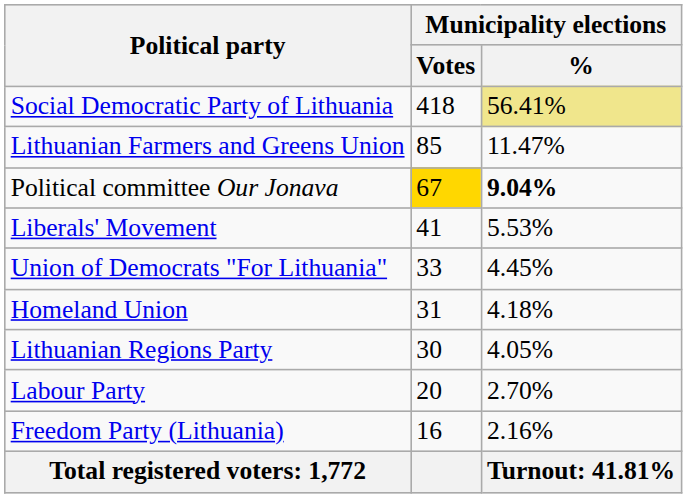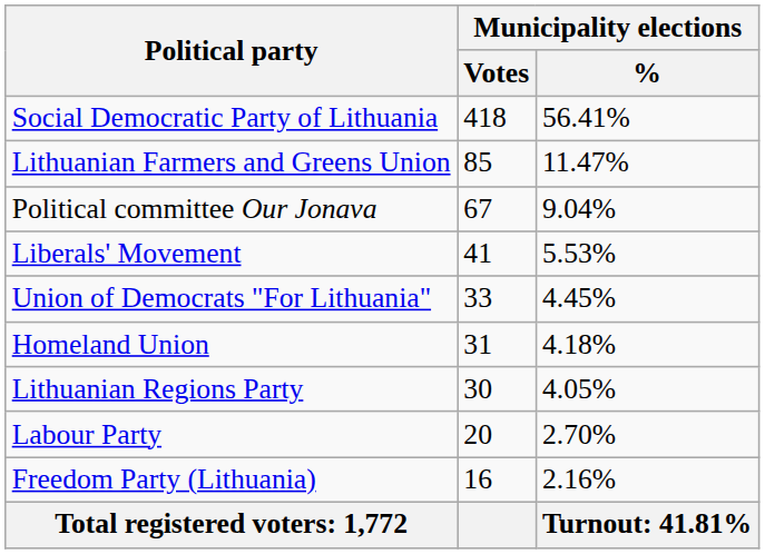 <table class="wikitable">
 <tr>
 <th rowspan="2">Political party</th>
 <th colspan="2">Municipality elections</th>
 </tr>
 <tr>
 <th>Votes </th>
 <th>%</th>
 </tr>
 <tr>
 <td><a href='#'>Social Democratic Party of Lithuania</a></td>
 <td>418</td>
-<td style="background: khaki;">56.41%</td>
+<td>56.41%</td>
 </tr>
 <tr>
 <td><a href='#'>Lithuanian Farmers and Greens Union</a></td>
 <td>85</td>
 <td>11.47%</td>
 </tr>
 <tr>
 <td>Political committee <em>Our Jonava</em></td>
-<td style="background: gold;">67</td>
-<td><strong>9.04%</strong></td>
+<td>67</td>
+<td>9.04%</td>
 </tr>
 <tr>
 <td><a href='#'>Liberals' Movement</a></td>
 <td>41</td>
 <td>5.53%</td>
 </tr>
 <tr>
 <td><a href='#'>Union of Democrats "For Lithuania"</a></td>
 <td>33</td>
 <td>4.45%</td>
 </tr>
 <tr>
 <td><a href='#'>Homeland Union</a></td>
 <td>31</td>
 <td>4.18%</td>
 </tr>
 <tr>
 <td><a href='#'>Lithuanian Regions Party</a></td>
 <td>30</td>
 <td>4.05%</td>
 </tr>
 <tr>
 <td><a href='#'>Labour Party</a></td>
 <td>20</td>
 <td>2.70%</td>
 </tr>
 <tr>
 <td><a href='#'>Freedom Party (Lithuania)</a></td>
 <td>16</td>
 <td>2.16%</td>
 </tr>
 <tr>
 <th>Total registered voters: 1,772</th>
 <th></th>
 <th>Turnout: 41.81%</th>
 </tr>
 </table>
